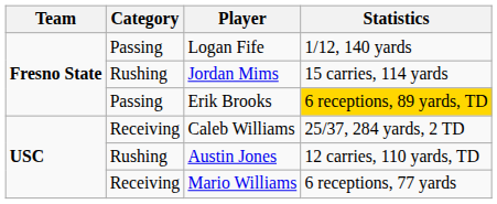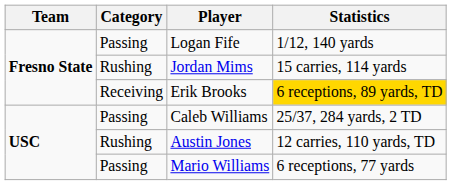 <table class="wikitable" style="float: right;">
 <tr>
 <th>Team</th>
 <th>Category</th>
 <th>Player</th>
 <th>Statistics</th>
 </tr>
 <tr>
 <td rowspan=3><strong>Fresno State</strong></td>
 <td>Passing</td>
 <td>Logan Fife</td>
 <td>1/12, 140 yards</td>
 </tr>
 <tr>
 <td>Rushing</td>
 <td><a href='#'>Jordan Mims</a></td>
 <td>15 carries, 114 yards</td>
 </tr>
 <tr>
-<td>Passing</td>
+<td>Receiving</td>
 <td>Erik Brooks</td>
 <td style="background: gold;">6 receptions, 89 yards, TD</td>
 </tr>
 <tr>
 <td rowspan=3><strong>USC</strong></td>
-<td>Receiving</td>
+<td>Passing</td>
 <td>Caleb Williams</td>
 <td>25/37, 284 yards, 2 TD</td>
 </tr>
 <tr>
 <td>Rushing</td>
 <td><a href='#'>Austin Jones</a></td>
 <td>12 carries, 110 yards, TD</td>
 </tr>
 <tr>
-<td>Receiving</td>
+<td>Passing</td>
 <td><a href='#'>Mario Williams</a></td>
 <td>6 receptions, 77 yards</td>
 </tr>
 </table>
